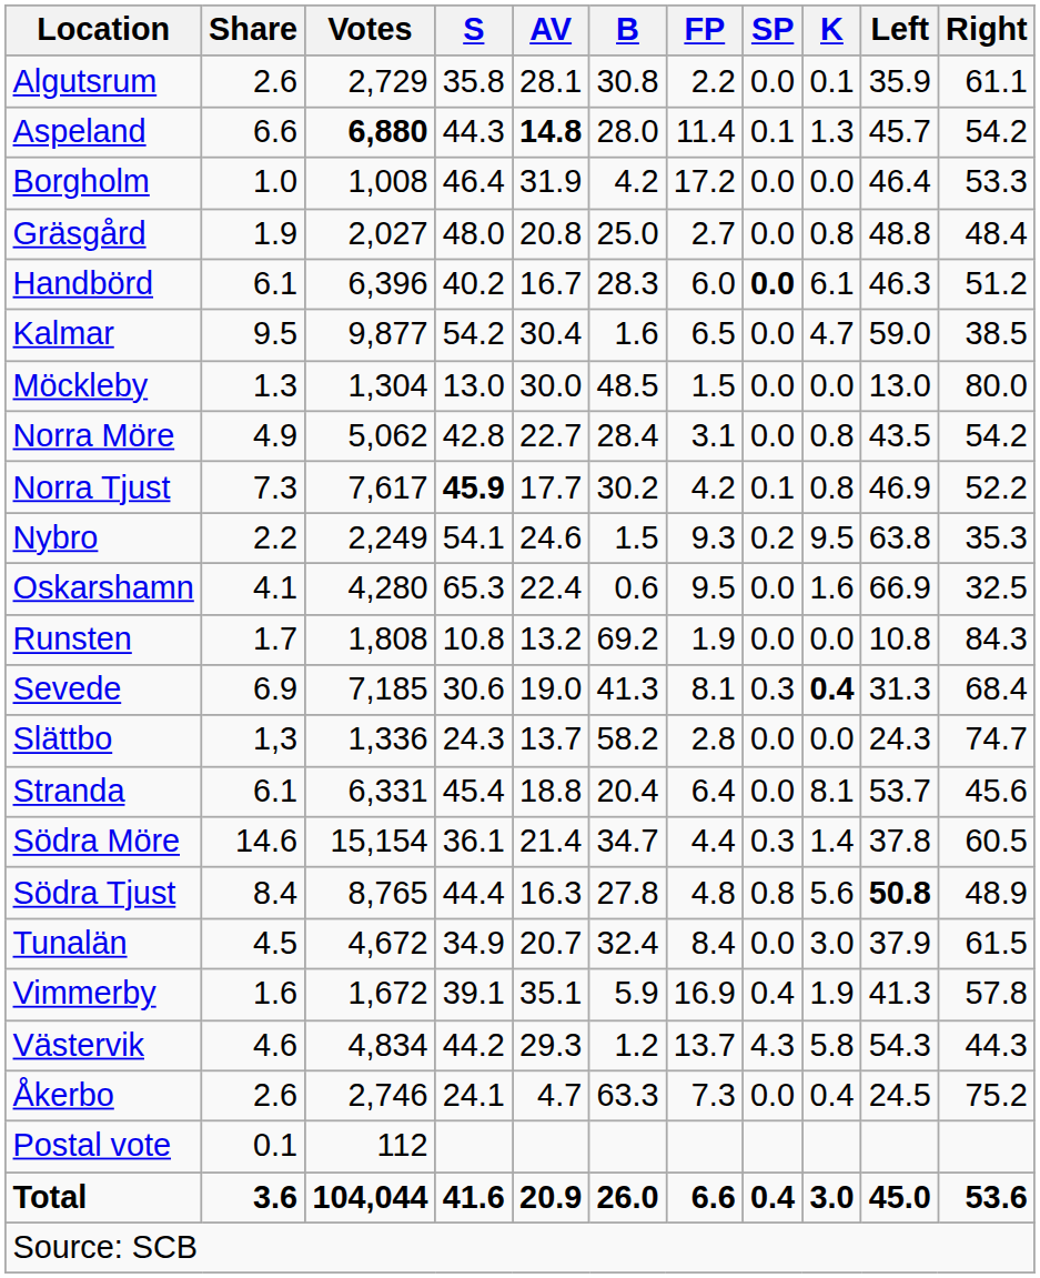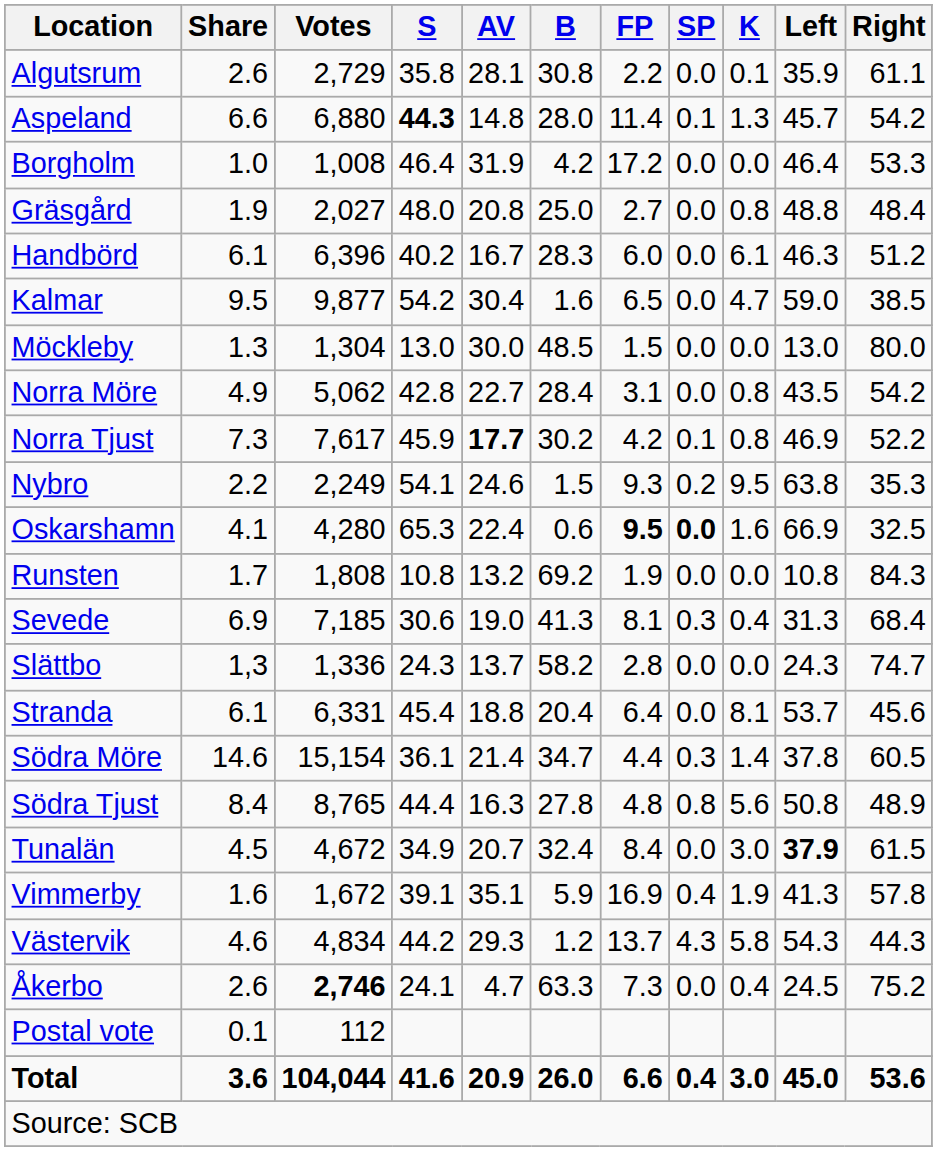 <table class="wikitable sortable" style=text-align:right>
 <tr>
 <th>Location</th>
 <th>Share</th>
 <th>Votes</th>
 <th><a href='#'>S</a></th>
 <th><a href='#'>AV</a></th>
 <th><a href='#'>B</a></th>
 <th><a href='#'>FP</a></th>
 <th><a href='#'>SP</a></th>
 <th><a href='#'>K</a></th>
 <th>Left</th>
 <th>Right</th>
 </tr>
 <tr>
 <td align=left><a href='#'>Algutsrum</a></td>
 <td>2.6</td>
 <td>2,729</td>
 <td>35.8</td>
 <td>28.1</td>
 <td>30.8</td>
 <td>2.2</td>
 <td>0.0</td>
 <td>0.1</td>
 <td>35.9</td>
 <td>61.1</td>
 </tr>
 <tr>
 <td align=left><a href='#'>Aspeland</a></td>
 <td>6.6</td>
-<td><strong>6,880</strong></td>
-<td>44.3</td>
-<td><strong>14.8</strong></td>
+<td>6,880</td>
+<td><strong>44.3</strong></td>
+<td>14.8</td>
 <td>28.0</td>
 <td>11.4</td>
 <td>0.1</td>
 <td>1.3</td>
 <td>45.7</td>
 <td>54.2</td>
 </tr>
 <tr>
 <td align=left><a href='#'>Borgholm</a></td>
 <td>1.0</td>
 <td>1,008</td>
 <td>46.4</td>
 <td>31.9</td>
 <td>4.2</td>
 <td>17.2</td>
 <td>0.0</td>
 <td>0.0</td>
 <td>46.4</td>
 <td>53.3</td>
 </tr>
 <tr>
 <td align=left><a href='#'>Gräsgård</a></td>
 <td>1.9</td>
 <td>2,027</td>
 <td>48.0</td>
 <td>20.8</td>
 <td>25.0</td>
 <td>2.7</td>
 <td>0.0</td>
 <td>0.8</td>
 <td>48.8</td>
 <td>48.4</td>
 </tr>
 <tr>
 <td align=left><a href='#'>Handbörd</a></td>
 <td>6.1</td>
 <td>6,396</td>
 <td>40.2</td>
 <td>16.7</td>
 <td>28.3</td>
 <td>6.0</td>
-<td><strong>0.0</strong></td>
+<td>0.0</td>
 <td>6.1</td>
 <td>46.3</td>
 <td>51.2</td>
 </tr>
 <tr>
 <td align=left><a href='#'>Kalmar</a></td>
 <td>9.5</td>
 <td>9,877</td>
 <td>54.2</td>
 <td>30.4</td>
 <td>1.6</td>
 <td>6.5</td>
 <td>0.0</td>
 <td>4.7</td>
 <td>59.0</td>
 <td>38.5</td>
 </tr>
 <tr>
 <td align=left><a href='#'>Möckleby</a></td>
 <td>1.3</td>
 <td>1,304</td>
 <td>13.0</td>
 <td>30.0</td>
 <td>48.5</td>
 <td>1.5</td>
 <td>0.0</td>
 <td>0.0</td>
 <td>13.0</td>
 <td>80.0</td>
 </tr>
 <tr>
 <td align=left><a href='#'>Norra Möre</a></td>
 <td>4.9</td>
 <td>5,062</td>
 <td>42.8</td>
 <td>22.7</td>
 <td>28.4</td>
 <td>3.1</td>
 <td>0.0</td>
 <td>0.8</td>
 <td>43.5</td>
 <td>54.2</td>
 </tr>
 <tr>
 <td align=left><a href='#'>Norra Tjust</a></td>
 <td>7.3</td>
 <td>7,617</td>
-<td><strong>45.9</strong></td>
-<td>17.7</td>
+<td>45.9</td>
+<td><strong>17.7</strong></td>
 <td>30.2</td>
 <td>4.2</td>
 <td>0.1</td>
 <td>0.8</td>
 <td>46.9</td>
 <td>52.2</td>
 </tr>
 <tr>
 <td align=left><a href='#'>Nybro</a></td>
 <td>2.2</td>
 <td>2,249</td>
 <td>54.1</td>
 <td>24.6</td>
 <td>1.5</td>
 <td>9.3</td>
 <td>0.2</td>
 <td>9.5</td>
 <td>63.8</td>
 <td>35.3</td>
 </tr>
 <tr>
 <td align=left><a href='#'>Oskarshamn</a></td>
 <td>4.1</td>
 <td>4,280</td>
 <td>65.3</td>
 <td>22.4</td>
 <td>0.6</td>
-<td>9.5</td>
-<td>0.0</td>
+<td><strong>9.5</strong></td>
+<td><strong>0.0</strong></td>
 <td>1.6</td>
 <td>66.9</td>
 <td>32.5</td>
 </tr>
 <tr>
 <td align=left><a href='#'>Runsten</a></td>
 <td>1.7</td>
 <td>1,808</td>
 <td>10.8</td>
 <td>13.2</td>
 <td>69.2</td>
 <td>1.9</td>
 <td>0.0</td>
 <td>0.0</td>
 <td>10.8</td>
 <td>84.3</td>
 </tr>
 <tr>
 <td align=left><a href='#'>Sevede</a></td>
 <td>6.9</td>
 <td>7,185</td>
 <td>30.6</td>
 <td>19.0</td>
 <td>41.3</td>
 <td>8.1</td>
 <td>0.3</td>
-<td><strong>0.4</strong></td>
+<td>0.4</td>
 <td>31.3</td>
 <td>68.4</td>
 </tr>
 <tr>
 <td align=left><a href='#'>Slättbo</a></td>
 <td>1,3</td>
 <td>1,336</td>
 <td>24.3</td>
 <td>13.7</td>
 <td>58.2</td>
 <td>2.8</td>
 <td>0.0</td>
 <td>0.0</td>
 <td>24.3</td>
 <td>74.7</td>
 </tr>
 <tr>
 <td align=left><a href='#'>Stranda</a></td>
 <td>6.1</td>
 <td>6,331</td>
 <td>45.4</td>
 <td>18.8</td>
 <td>20.4</td>
 <td>6.4</td>
 <td>0.0</td>
 <td>8.1</td>
 <td>53.7</td>
 <td>45.6</td>
 </tr>
 <tr>
 <td align=left><a href='#'>Södra Möre</a></td>
 <td>14.6</td>
 <td>15,154</td>
 <td>36.1</td>
 <td>21.4</td>
 <td>34.7</td>
 <td>4.4</td>
 <td>0.3</td>
 <td>1.4</td>
 <td>37.8</td>
 <td>60.5</td>
 </tr>
 <tr>
 <td align=left><a href='#'>Södra Tjust</a></td>
 <td>8.4</td>
 <td>8,765</td>
 <td>44.4</td>
 <td>16.3</td>
 <td>27.8</td>
 <td>4.8</td>
 <td>0.8</td>
 <td>5.6</td>
-<td><strong>50.8</strong></td>
+<td>50.8</td>
 <td>48.9</td>
 </tr>
 <tr>
 <td align=left><a href='#'>Tunalän</a></td>
 <td>4.5</td>
 <td>4,672</td>
 <td>34.9</td>
 <td>20.7</td>
 <td>32.4</td>
 <td>8.4</td>
 <td>0.0</td>
 <td>3.0</td>
-<td>37.9</td>
+<td><strong>37.9</strong></td>
 <td>61.5</td>
 </tr>
 <tr>
 <td align=left><a href='#'>Vimmerby</a></td>
 <td>1.6</td>
 <td>1,672</td>
 <td>39.1</td>
 <td>35.1</td>
 <td>5.9</td>
 <td>16.9</td>
 <td>0.4</td>
 <td>1.9</td>
 <td>41.3</td>
 <td>57.8</td>
 </tr>
 <tr>
 <td align=left><a href='#'>Västervik</a></td>
 <td>4.6</td>
 <td>4,834</td>
 <td>44.2</td>
 <td>29.3</td>
 <td>1.2</td>
 <td>13.7</td>
 <td>4.3</td>
 <td>5.8</td>
 <td>54.3</td>
 <td>44.3</td>
 </tr>
 <tr>
 <td align=left><a href='#'>Åkerbo</a></td>
 <td>2.6</td>
-<td>2,746</td>
+<td><strong>2,746</strong></td>
 <td>24.1</td>
 <td>4.7</td>
 <td>63.3</td>
 <td>7.3</td>
 <td>0.0</td>
 <td>0.4</td>
 <td>24.5</td>
 <td>75.2</td>
 </tr>
 <tr>
 <td align=left><a href='#'>Postal vote</a></td>
 <td>0.1</td>
 <td>112</td>
 <td></td>
 <td></td>
 <td></td>
 <td></td>
 <td></td>
 <td></td>
 <td></td>
 <td></td>
 </tr>
 <tr>
 <td align=left><strong>Total</strong></td>
 <td><strong>3.6</strong></td>
 <td><strong>104,044</strong></td>
 <td><strong>41.6</strong></td>
 <td><strong>20.9</strong></td>
 <td><strong>26.0</strong></td>
 <td><strong>6.6</strong></td>
 <td><strong>0.4</strong></td>
 <td><strong>3.0</strong></td>
 <td><strong>45.0</strong></td>
 <td><strong>53.6</strong></td>
 </tr>
 <tr>
 <td align=left colspan=11>Source: SCB </td>
 </tr>
 </table>
